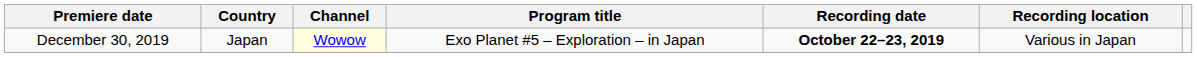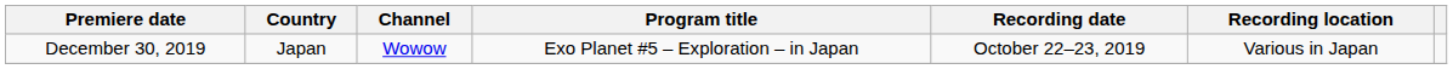 <table class="wikitable" style="text-align:center" width="100%">
 <tr>
 <th>Premiere date</th>
 <th>Country</th>
 <th>Channel</th>
 <th>Program title</th>
 <th>Recording date</th>
 <th>Recording location</th>
 <th></th>
 </tr>
 <tr>
 <td>December 30, 2019</td>
 <td>Japan</td>
-<td style="background: lightyellow;"><a href='#'>Wowow</a></td>
+<td><a href='#'>Wowow</a></td>
 <td>Exo Planet #5 – Exploration – in Japan</td>
-<td><strong>October 22–23, 2019</strong></td>
+<td>October 22–23, 2019</td>
 <td>Various in Japan</td>
 <td></td>
 </tr>
 <tr>
 </tr>
 </table>
